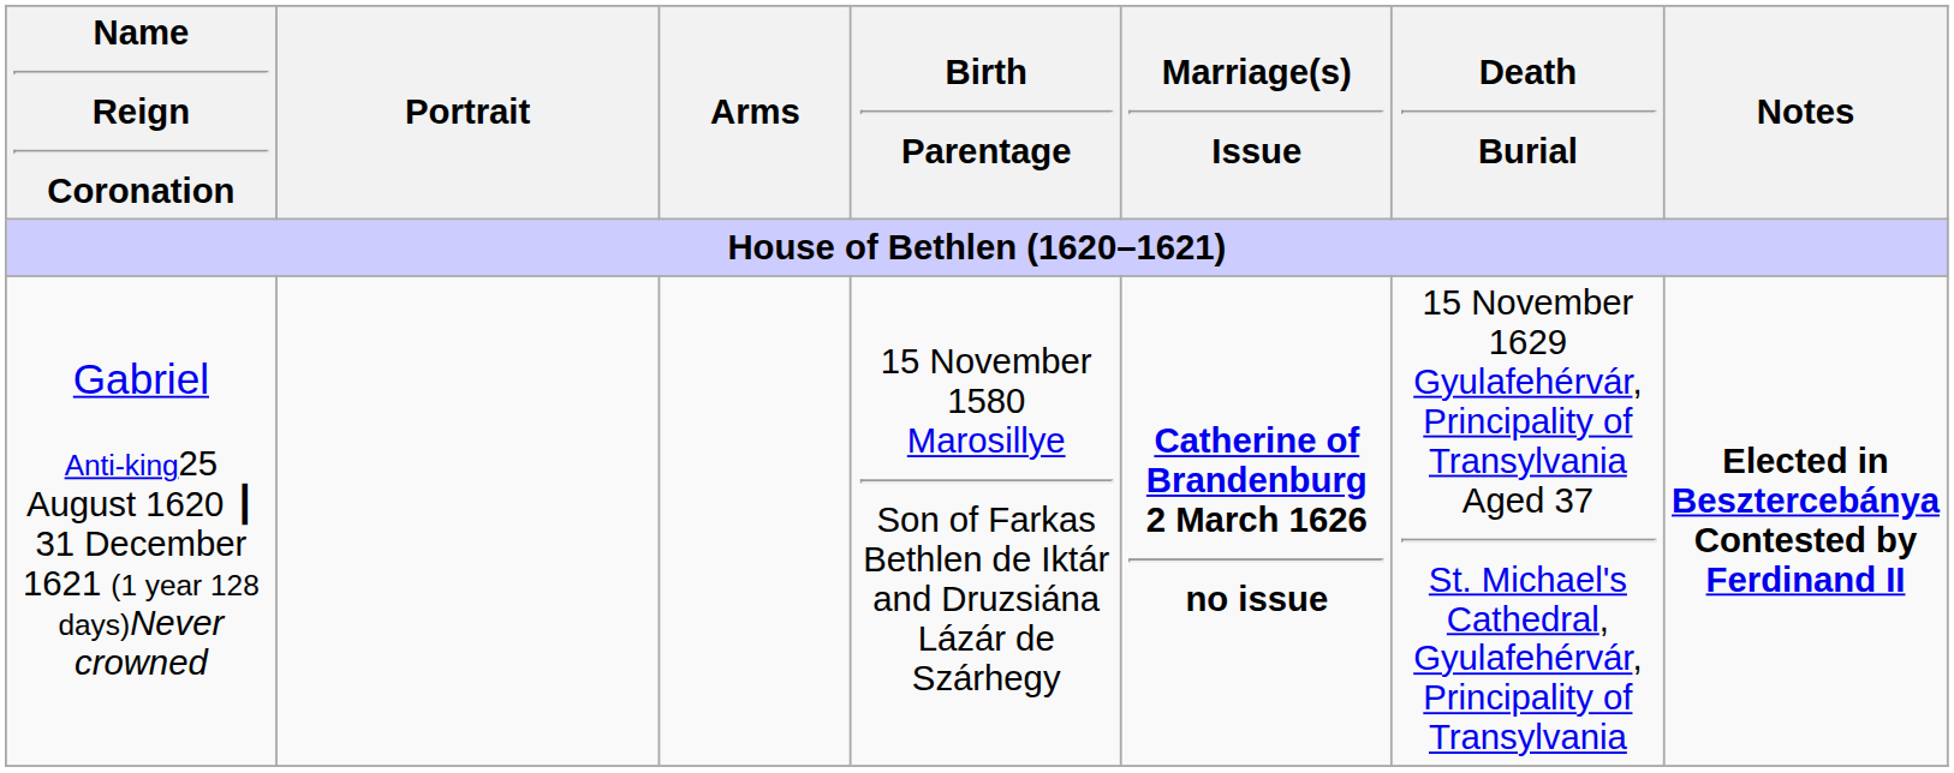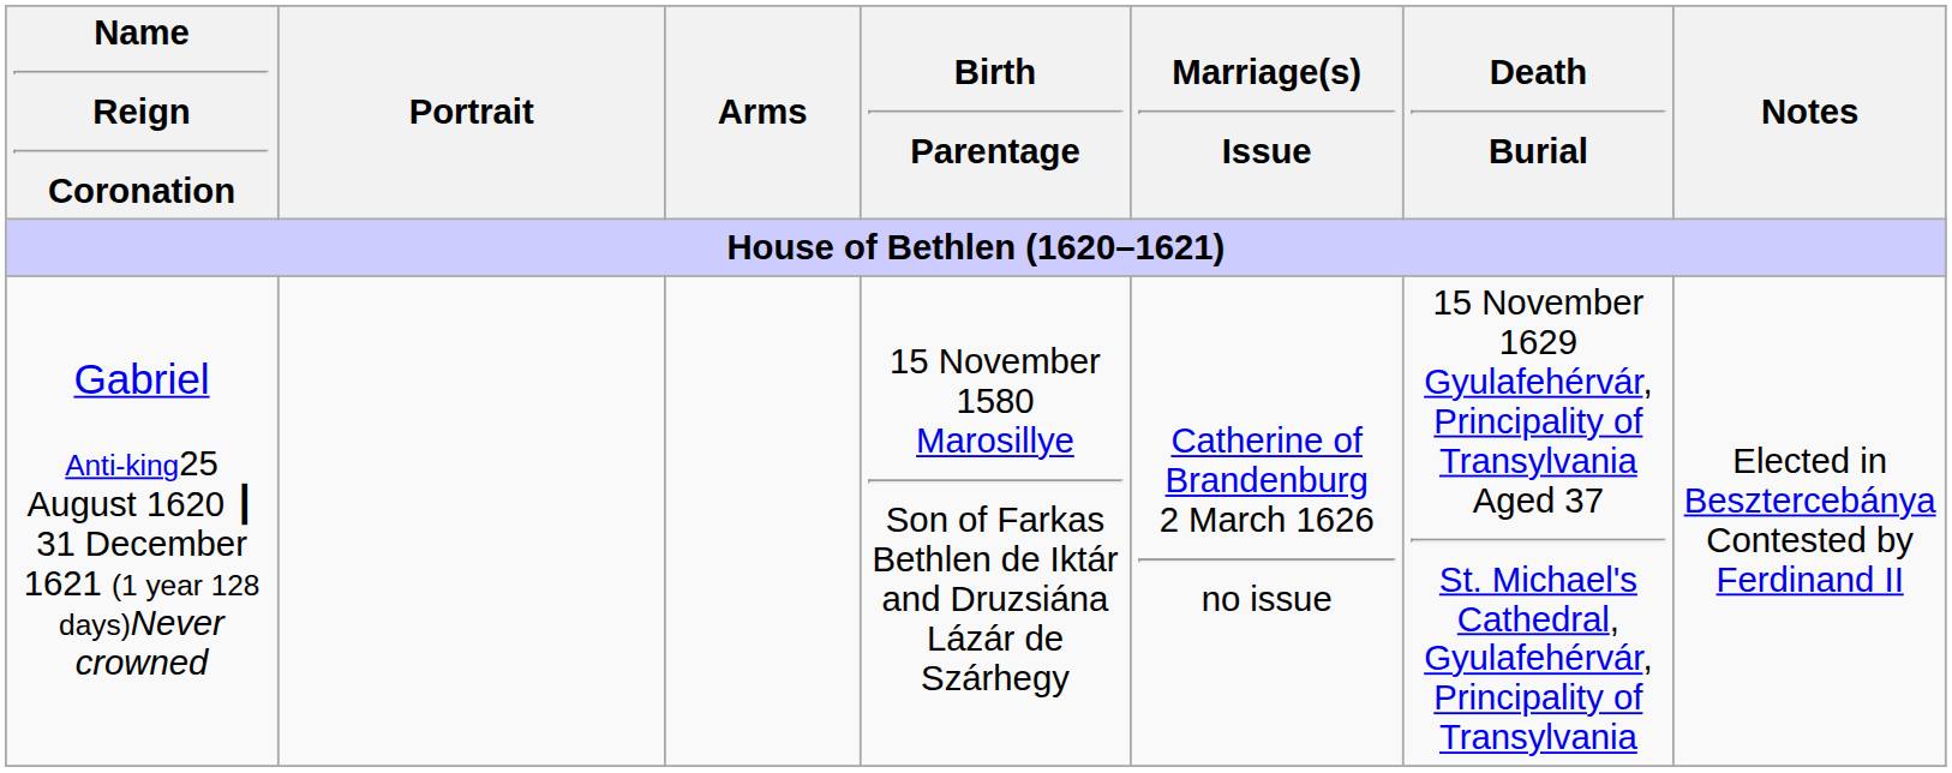 <table class="wikitable" style="text-align:Center; width:100%">
 <tr>
 <th width="14%">Name<hr>Reign<hr>Coronation</th>
 <th width="20%">Portrait</th>
 <th width="10%">Arms</th>
 <th width="14%">Birth<hr>Parentage</th>
 <th width="14%">Marriage(s)<hr>Issue</th>
 <th width="14%">Death<hr>Burial</th>
 <th width="14%">Notes</th>
 </tr>
 <tr>
 <th colspan="7" style="background:#ccccff">House of Bethlen (1620–1621)</th>
 </tr>
 <tr>
 <td><big><a href='#'>Gabriel</a></big><br><small></small><br><small><a href='#'>Anti-king</a></small>25 August 1620 ┃ <br>31 December 1621 <small>(1 year 128 days)</small><em>Never crowned</em></td>
 <td></td>
 <td><br></td>
 <td>15 November 1580<br><a href='#'>Marosillye</a><hr>Son of Farkas Bethlen de Iktár and Druzsiána Lázár de Szárhegy</td>
-<td><strong><a href='#'>Catherine of Brandenburg</a><br>2 March 1626<hr>no issue</strong></td>
+<td><a href='#'>Catherine of Brandenburg</a><br>2 March 1626<hr>no issue</td>
 <td>15 November 1629<br><a href='#'>Gyulafehérvár</a>, <a href='#'>Principality of Transylvania</a><br>Aged 37<hr><a href='#'>St. Michael's Cathedral</a>, <a href='#'>Gyulafehérvár</a>, <a href='#'>Principality of Transylvania</a></td>
-<td><strong>Elected in <a href='#'>Besztercebánya</a><br>Contested by <a href='#'>Ferdinand II</a></strong></td>
+<td>Elected in <a href='#'>Besztercebánya</a><br>Contested by <a href='#'>Ferdinand II</a></td>
 </tr>
 </table>
